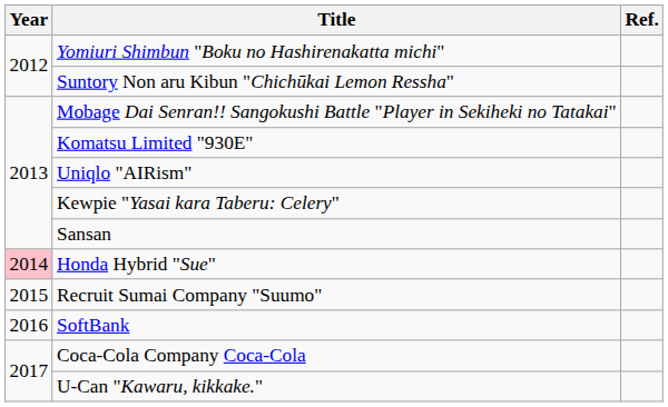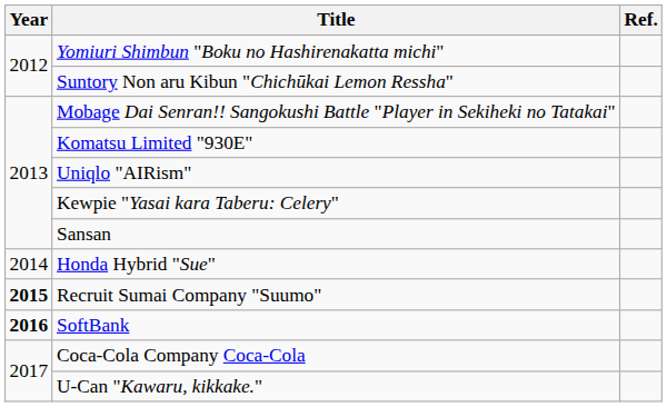 <table class="wikitable">
 <tr>
 <th>Year</th>
 <th>Title</th>
 <th>Ref.</th>
 </tr>
 <tr>
 <td rowspan="2">2012</td>
 <td><em><a href='#'>Yomiuri Shimbun</a></em> "<em>Boku no Hashirenakatta michi</em>"</td>
 <td></td>
 </tr>
 <tr>
 <td><a href='#'>Suntory</a> Non aru Kibun "<em>Chichūkai Lemon Ressha</em>"</td>
 <td></td>
 </tr>
 <tr>
 <td rowspan="5">2013</td>
 <td><a href='#'>Mobage</a> <em>Dai Senran!! Sangokushi Battle</em> "<em>Player in Sekiheki no Tatakai</em>"</td>
 <td></td>
 </tr>
 <tr>
 <td><a href='#'>Komatsu Limited</a> "930E"</td>
 <td></td>
 </tr>
 <tr>
 <td><a href='#'>Uniqlo</a> "AIRism"</td>
 <td></td>
 </tr>
 <tr>
 <td>Kewpie "<em>Yasai kara Taberu: Celery</em>"</td>
 <td></td>
 </tr>
 <tr>
 <td>Sansan</td>
 <td></td>
 </tr>
 <tr>
-<td style="background: pink;">2014</td>
+<td>2014</td>
 <td><a href='#'>Honda</a> Hybrid "<em>Sue</em>"</td>
 <td></td>
 </tr>
 <tr>
-<td>2015</td>
+<td><strong>2015</strong></td>
 <td>Recruit Sumai Company "Suumo"</td>
 <td></td>
 </tr>
 <tr>
-<td>2016</td>
+<td><strong>2016</strong></td>
 <td><a href='#'>SoftBank</a></td>
 <td></td>
 </tr>
 <tr>
 <td rowspan="2">2017</td>
 <td>Coca-Cola Company <a href='#'>Coca-Cola</a></td>
 <td></td>
 </tr>
 <tr>
 <td>U-Can "<em>Kawaru, kikkake.</em>"</td>
 <td></td>
 </tr>
 </table>
